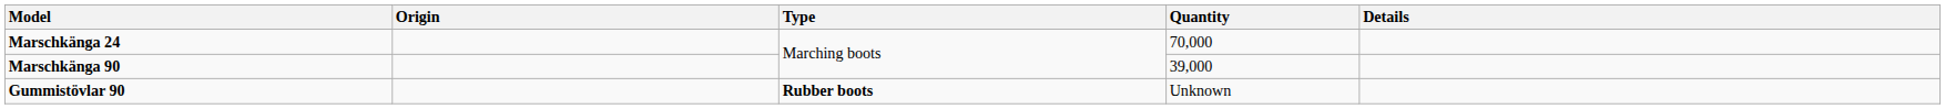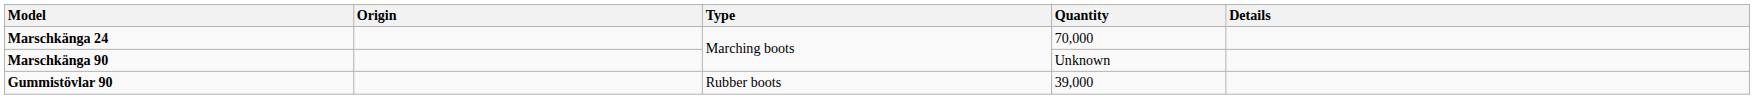 <table class="wikitable" style="width:100%;">
 <tr>
 <th style="text-align:left;width:20%;">Model</th>
 <th style="text-align:left;width:20%;">Origin</th>
 <th style="text-align:left;width:20%;">Type</th>
 <th style="text-align:left;width:10%;">Quantity</th>
 <th style="text-align:left;width:30%;">Details</th>
 </tr>
 <tr>
 <td><strong>Marsch­känga 24</strong></td>
 <td></td>
 <td rowspan="2">Marching boots</td>
 <td>70,000</td>
 <td></td>
 </tr>
 <tr>
 <td><strong>Marsch­känga 90</strong></td>
 <td></td>
-<td>39,000</td>
+<td>Unknown</td>
 <td></td>
 </tr>
 <tr>
 <td><strong>Gummi­stövlar 90</strong></td>
 <td></td>
-<td><strong>Rubber boots</strong></td>
-<td>Unknown</td>
+<td>Rubber boots</td>
+<td>39,000</td>
 <td></td>
 </tr>
 </table>
